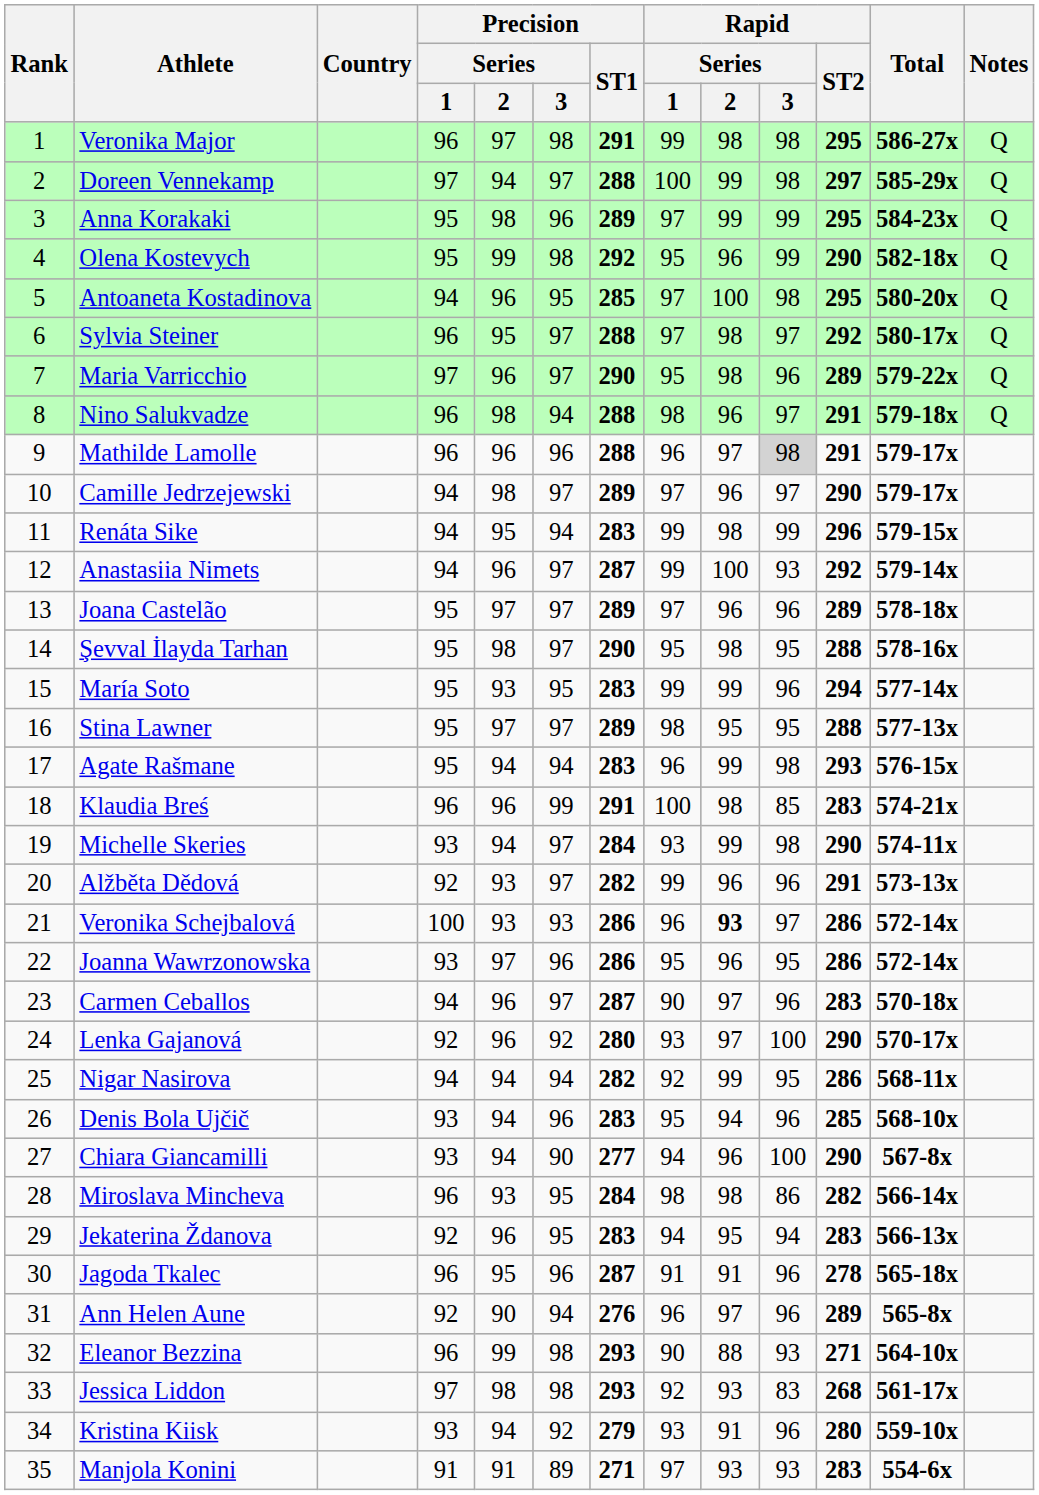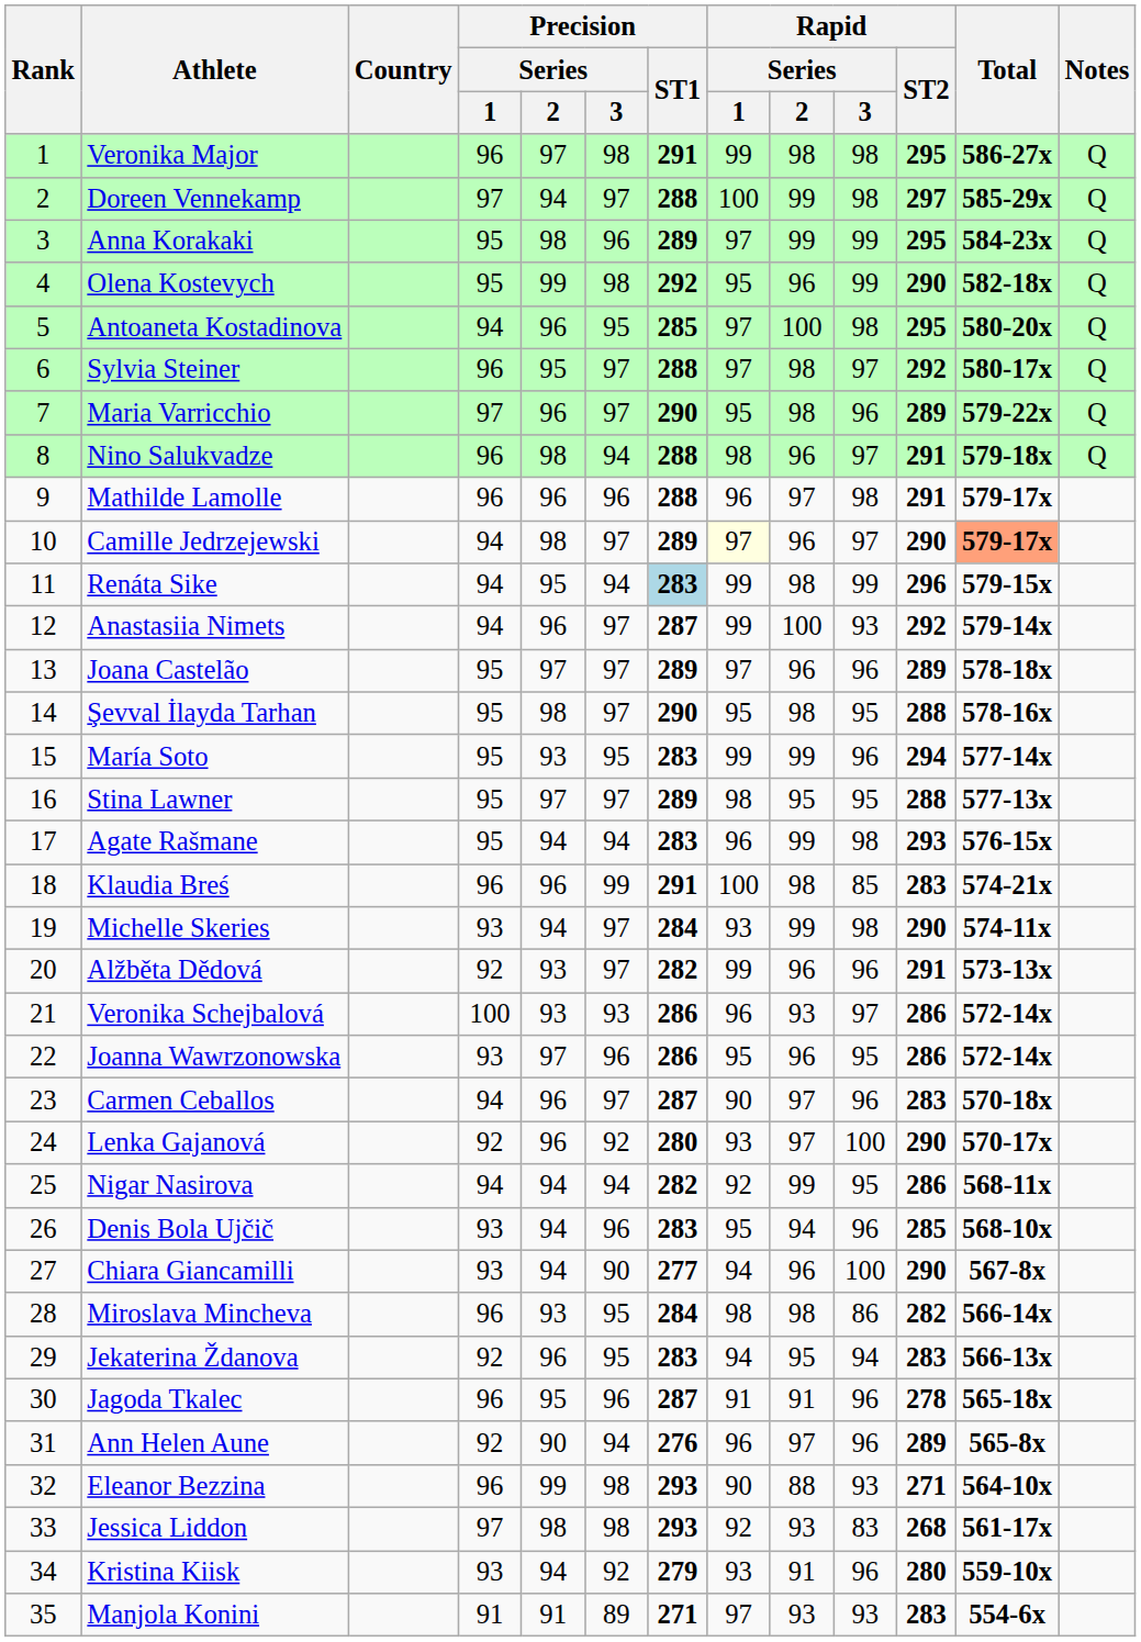 <table class="wikitable sortable" style="text-align:center">
 <tr>
 <th rowspan=3>Rank</th>
 <th rowspan=3>Athlete</th>
 <th rowspan=3>Country</th>
 <th colspan=4>Precision</th>
 <th colspan=4>Rapid</th>
 <th rowspan=3>Total</th>
 <th class=unsortable rowspan=3>Notes</th>
 </tr>
 <tr>
 <th colspan=3>Series</th>
 <th rowspan=2>ST1</th>
 <th colspan=3>Series</th>
 <th rowspan=2>ST2</th>
 </tr>
 <tr>
 <th class="unsortable" width="30px">1</th>
 <th class="unsortable" width="30px">2</th>
 <th class="unsortable" width="30px">3</th>
 <th class="unsortable" width="30px">1</th>
 <th class="unsortable" width="30px">2</th>
 <th class="unsortable" width="30px">3</th>
 </tr>
 <tr bgcolor=bbffbb>
 <td>1</td>
 <td align=left><a href='#'>Veronika Major</a></td>
 <td align=left></td>
 <td>96</td>
 <td>97</td>
 <td>98</td>
 <td><strong>291</strong></td>
 <td>99</td>
 <td>98</td>
 <td>98</td>
 <td><strong>295</strong></td>
 <td><strong>586-27x</strong></td>
 <td>Q</td>
 </tr>
 <tr bgcolor=bbffbb>
 <td>2</td>
 <td align=left><a href='#'>Doreen Vennekamp</a></td>
 <td align=left></td>
 <td>97</td>
 <td>94</td>
 <td>97</td>
 <td><strong>288</strong></td>
 <td>100</td>
 <td>99</td>
 <td>98</td>
 <td><strong>297</strong></td>
 <td><strong>585-29x</strong></td>
 <td>Q</td>
 </tr>
 <tr bgcolor=bbffbb>
 <td>3</td>
 <td align=left><a href='#'>Anna Korakaki</a></td>
 <td align=left></td>
 <td>95</td>
 <td>98</td>
 <td>96</td>
 <td><strong>289</strong></td>
 <td>97</td>
 <td>99</td>
 <td>99</td>
 <td><strong>295</strong></td>
 <td><strong>584-23x</strong></td>
 <td>Q</td>
 </tr>
 <tr bgcolor=bbffbb>
 <td>4</td>
 <td align=left><a href='#'>Olena Kostevych</a></td>
 <td align=left></td>
 <td>95</td>
 <td>99</td>
 <td>98</td>
 <td><strong>292</strong></td>
 <td>95</td>
 <td>96</td>
 <td>99</td>
 <td><strong>290</strong></td>
 <td><strong>582-18x</strong></td>
 <td>Q</td>
 </tr>
 <tr bgcolor=bbffbb>
 <td>5</td>
 <td align=left><a href='#'>Antoaneta Kostadinova</a></td>
 <td align=left></td>
 <td>94</td>
 <td>96</td>
 <td>95</td>
 <td><strong>285</strong></td>
 <td>97</td>
 <td>100</td>
 <td>98</td>
 <td><strong>295</strong></td>
 <td><strong>580-20x</strong></td>
 <td>Q</td>
 </tr>
 <tr bgcolor=bbffbb>
 <td>6</td>
 <td align=left><a href='#'>Sylvia Steiner</a></td>
 <td align=left></td>
 <td>96</td>
 <td>95</td>
 <td>97</td>
 <td><strong>288</strong></td>
 <td>97</td>
 <td>98</td>
 <td>97</td>
 <td><strong>292</strong></td>
 <td><strong>580-17x</strong></td>
 <td>Q</td>
 </tr>
 <tr bgcolor=bbffbb>
 <td>7</td>
 <td align=left><a href='#'>Maria Varricchio</a></td>
 <td align=left></td>
 <td>97</td>
 <td>96</td>
 <td>97</td>
 <td><strong>290</strong></td>
 <td>95</td>
 <td>98</td>
 <td>96</td>
 <td><strong>289</strong></td>
 <td><strong>579-22x</strong></td>
 <td>Q</td>
 </tr>
 <tr bgcolor=bbffbb>
 <td>8</td>
 <td align=left><a href='#'>Nino Salukvadze</a></td>
 <td align=left></td>
 <td>96</td>
 <td>98</td>
 <td>94</td>
 <td><strong>288</strong></td>
 <td>98</td>
 <td>96</td>
 <td>97</td>
 <td><strong>291</strong></td>
 <td><strong>579-18x</strong></td>
 <td>Q</td>
 </tr>
 <tr>
 <td>9</td>
 <td align=left><a href='#'>Mathilde Lamolle</a></td>
 <td align=left></td>
 <td>96</td>
 <td>96</td>
 <td>96</td>
 <td><strong>288</strong></td>
 <td>96</td>
 <td>97</td>
-<td style="background: lightgrey;">98</td>
+<td>98</td>
 <td><strong>291</strong></td>
 <td><strong>579-17x</strong></td>
 <td></td>
 </tr>
 <tr>
 <td>10</td>
 <td align=left><a href='#'>Camille Jedrzejewski</a></td>
 <td align=left></td>
 <td>94</td>
 <td>98</td>
 <td>97</td>
 <td><strong>289</strong></td>
-<td>97</td>
+<td style="background: lightyellow;">97</td>
 <td>96</td>
 <td>97</td>
 <td><strong>290</strong></td>
-<td><strong>579-17x</strong></td>
+<td style="background: lightsalmon;"><strong>579-17x</strong></td>
 <td></td>
 </tr>
 <tr>
 <td>11</td>
 <td align=left><a href='#'>Renáta Sike</a></td>
 <td align=left></td>
 <td>94</td>
 <td>95</td>
 <td>94</td>
-<td><strong>283</strong></td>
+<td style="background: lightblue;"><strong>283</strong></td>
 <td>99</td>
 <td>98</td>
 <td>99</td>
 <td><strong>296</strong></td>
 <td><strong>579-15x</strong></td>
 <td></td>
 </tr>
 <tr>
 <td>12</td>
 <td align=left><a href='#'>Anastasiia Nimets</a></td>
 <td align=left></td>
 <td>94</td>
 <td>96</td>
 <td>97</td>
 <td><strong>287</strong></td>
 <td>99</td>
 <td>100</td>
 <td>93</td>
 <td><strong>292</strong></td>
 <td><strong>579-14x</strong></td>
 <td></td>
 </tr>
 <tr>
 <td>13</td>
 <td align=left><a href='#'>Joana Castelão</a></td>
 <td align=left></td>
 <td>95</td>
 <td>97</td>
 <td>97</td>
 <td><strong>289</strong></td>
 <td>97</td>
 <td>96</td>
 <td>96</td>
 <td><strong>289</strong></td>
 <td><strong>578-18x</strong></td>
 <td></td>
 </tr>
 <tr>
 <td>14</td>
 <td align=left><a href='#'>Şevval İlayda Tarhan</a></td>
 <td align=left></td>
 <td>95</td>
 <td>98</td>
 <td>97</td>
 <td><strong>290</strong></td>
 <td>95</td>
 <td>98</td>
 <td>95</td>
 <td><strong>288</strong></td>
 <td><strong>578-16x</strong></td>
 <td></td>
 </tr>
 <tr>
 <td>15</td>
 <td align=left><a href='#'>María Soto</a></td>
 <td align=left></td>
 <td>95</td>
 <td>93</td>
 <td>95</td>
 <td><strong>283</strong></td>
 <td>99</td>
 <td>99</td>
 <td>96</td>
 <td><strong>294</strong></td>
 <td><strong>577-14x</strong></td>
 <td></td>
 </tr>
 <tr>
 <td>16</td>
 <td align=left><a href='#'>Stina Lawner</a></td>
 <td align=left></td>
 <td>95</td>
 <td>97</td>
 <td>97</td>
 <td><strong>289</strong></td>
 <td>98</td>
 <td>95</td>
 <td>95</td>
 <td><strong>288</strong></td>
 <td><strong>577-13x</strong></td>
 <td></td>
 </tr>
 <tr>
 <td>17</td>
 <td align=left><a href='#'>Agate Rašmane</a></td>
 <td align=left></td>
 <td>95</td>
 <td>94</td>
 <td>94</td>
 <td><strong>283</strong></td>
 <td>96</td>
 <td>99</td>
 <td>98</td>
 <td><strong>293</strong></td>
 <td><strong>576-15x</strong></td>
 <td></td>
 </tr>
 <tr>
 <td>18</td>
 <td align=left><a href='#'>Klaudia Breś</a></td>
 <td align=left></td>
 <td>96</td>
 <td>96</td>
 <td>99</td>
 <td><strong>291</strong></td>
 <td>100</td>
 <td>98</td>
 <td>85</td>
 <td><strong>283</strong></td>
 <td><strong>574-21x</strong></td>
 <td></td>
 </tr>
 <tr>
 <td>19</td>
 <td align=left><a href='#'>Michelle Skeries</a></td>
 <td align=left></td>
 <td>93</td>
 <td>94</td>
 <td>97</td>
 <td><strong>284</strong></td>
 <td>93</td>
 <td>99</td>
 <td>98</td>
 <td><strong>290</strong></td>
 <td><strong>574-11x</strong></td>
 <td></td>
 </tr>
 <tr>
 <td>20</td>
 <td align=left><a href='#'>Alžběta Dědová</a></td>
 <td align=left></td>
 <td>92</td>
 <td>93</td>
 <td>97</td>
 <td><strong>282</strong></td>
 <td>99</td>
 <td>96</td>
 <td>96</td>
 <td><strong>291</strong></td>
 <td><strong>573-13x</strong></td>
 <td></td>
 </tr>
 <tr>
 <td>21</td>
 <td align=left><a href='#'>Veronika Schejbalová</a></td>
 <td align=left></td>
 <td>100</td>
 <td>93</td>
 <td>93</td>
 <td><strong>286</strong></td>
 <td>96</td>
-<td><strong>93</strong></td>
+<td>93</td>
 <td>97</td>
 <td><strong>286</strong></td>
 <td><strong>572-14x</strong></td>
 <td></td>
 </tr>
 <tr>
 <td>22</td>
 <td align=left><a href='#'>Joanna Wawrzonowska</a></td>
 <td align=left></td>
 <td>93</td>
 <td>97</td>
 <td>96</td>
 <td><strong>286</strong></td>
 <td>95</td>
 <td>96</td>
 <td>95</td>
 <td><strong>286</strong></td>
 <td><strong>572-14x</strong></td>
 <td></td>
 </tr>
 <tr>
 <td>23</td>
 <td align=left><a href='#'>Carmen Ceballos</a></td>
 <td align=left></td>
 <td>94</td>
 <td>96</td>
 <td>97</td>
 <td><strong>287</strong></td>
 <td>90</td>
 <td>97</td>
 <td>96</td>
 <td><strong>283</strong></td>
 <td><strong>570-18x</strong></td>
 <td></td>
 </tr>
 <tr>
 <td>24</td>
 <td align=left><a href='#'>Lenka Gajanová</a></td>
 <td align=left></td>
 <td>92</td>
 <td>96</td>
 <td>92</td>
 <td><strong>280</strong></td>
 <td>93</td>
 <td>97</td>
 <td>100</td>
 <td><strong>290</strong></td>
 <td><strong>570-17x</strong></td>
 <td></td>
 </tr>
 <tr>
 <td>25</td>
 <td align=left><a href='#'>Nigar Nasirova</a></td>
 <td align=left></td>
 <td>94</td>
 <td>94</td>
 <td>94</td>
 <td><strong>282</strong></td>
 <td>92</td>
 <td>99</td>
 <td>95</td>
 <td><strong>286</strong></td>
 <td><strong>568-11x</strong></td>
 <td></td>
 </tr>
 <tr>
 <td>26</td>
 <td align=left><a href='#'>Denis Bola Ujčič</a></td>
 <td align=left></td>
 <td>93</td>
 <td>94</td>
 <td>96</td>
 <td><strong>283</strong></td>
 <td>95</td>
 <td>94</td>
 <td>96</td>
 <td><strong>285</strong></td>
 <td><strong>568-10x</strong></td>
 <td></td>
 </tr>
 <tr>
 <td>27</td>
 <td align=left><a href='#'>Chiara Giancamilli</a></td>
 <td align=left></td>
 <td>93</td>
 <td>94</td>
 <td>90</td>
 <td><strong>277</strong></td>
 <td>94</td>
 <td>96</td>
 <td>100</td>
 <td><strong>290</strong></td>
 <td><strong>567-8x</strong></td>
 <td></td>
 </tr>
 <tr>
 <td>28</td>
 <td align=left><a href='#'>Miroslava Mincheva</a></td>
 <td align=left></td>
 <td>96</td>
 <td>93</td>
 <td>95</td>
 <td><strong>284</strong></td>
 <td>98</td>
 <td>98</td>
 <td>86</td>
 <td><strong>282</strong></td>
 <td><strong>566-14x</strong></td>
 <td></td>
 </tr>
 <tr>
 <td>29</td>
 <td align=left><a href='#'>Jekaterina Ždanova</a></td>
 <td align=left></td>
 <td>92</td>
 <td>96</td>
 <td>95</td>
 <td><strong>283</strong></td>
 <td>94</td>
 <td>95</td>
 <td>94</td>
 <td><strong>283</strong></td>
 <td><strong>566-13x</strong></td>
 <td></td>
 </tr>
 <tr>
 <td>30</td>
 <td align=left><a href='#'>Jagoda Tkalec</a></td>
 <td align=left></td>
 <td>96</td>
 <td>95</td>
 <td>96</td>
 <td><strong>287</strong></td>
 <td>91</td>
 <td>91</td>
 <td>96</td>
 <td><strong>278</strong></td>
 <td><strong>565-18x</strong></td>
 <td></td>
 </tr>
 <tr>
 <td>31</td>
 <td align=left><a href='#'>Ann Helen Aune</a></td>
 <td align=left></td>
 <td>92</td>
 <td>90</td>
 <td>94</td>
 <td><strong>276</strong></td>
 <td>96</td>
 <td>97</td>
 <td>96</td>
 <td><strong>289</strong></td>
 <td><strong>565-8x</strong></td>
 <td></td>
 </tr>
 <tr>
 <td>32</td>
 <td align=left><a href='#'>Eleanor Bezzina</a></td>
 <td align=left></td>
 <td>96</td>
 <td>99</td>
 <td>98</td>
 <td><strong>293</strong></td>
 <td>90</td>
 <td>88</td>
 <td>93</td>
 <td><strong>271</strong></td>
 <td><strong>564-10x</strong></td>
 <td></td>
 </tr>
 <tr>
 <td>33</td>
 <td align=left><a href='#'>Jessica Liddon</a></td>
 <td align=left></td>
 <td>97</td>
 <td>98</td>
 <td>98</td>
 <td><strong>293</strong></td>
 <td>92</td>
 <td>93</td>
 <td>83</td>
 <td><strong>268</strong></td>
 <td><strong>561-17x</strong></td>
 <td></td>
 </tr>
 <tr>
 <td>34</td>
 <td align=left><a href='#'>Kristina Kiisk</a></td>
 <td align=left></td>
 <td>93</td>
 <td>94</td>
 <td>92</td>
 <td><strong>279</strong></td>
 <td>93</td>
 <td>91</td>
 <td>96</td>
 <td><strong>280</strong></td>
 <td><strong>559-10x</strong></td>
 <td></td>
 </tr>
 <tr>
 <td>35</td>
 <td align=left><a href='#'>Manjola Konini</a></td>
 <td align=left></td>
 <td>91</td>
 <td>91</td>
 <td>89</td>
 <td><strong>271</strong></td>
 <td>97</td>
 <td>93</td>
 <td>93</td>
 <td><strong>283</strong></td>
 <td><strong>554-6x</strong></td>
 <td></td>
 </tr>
 </table>
